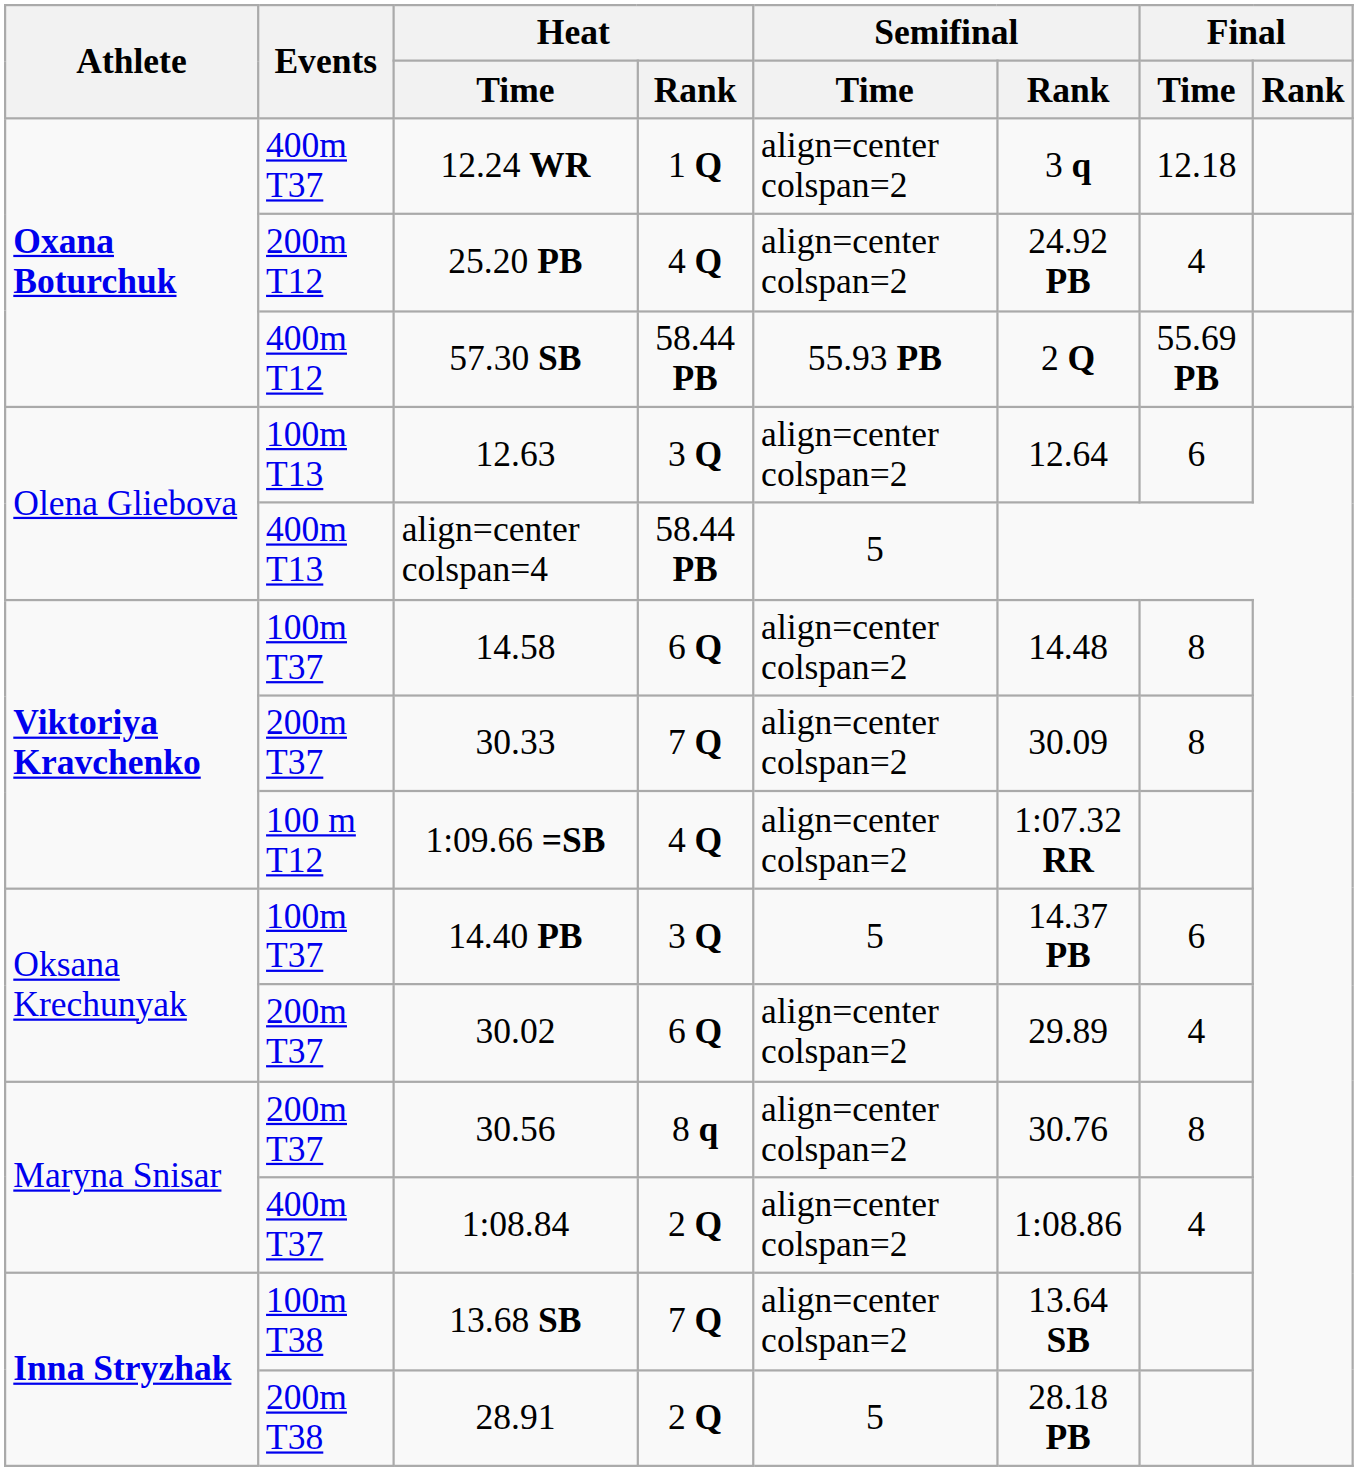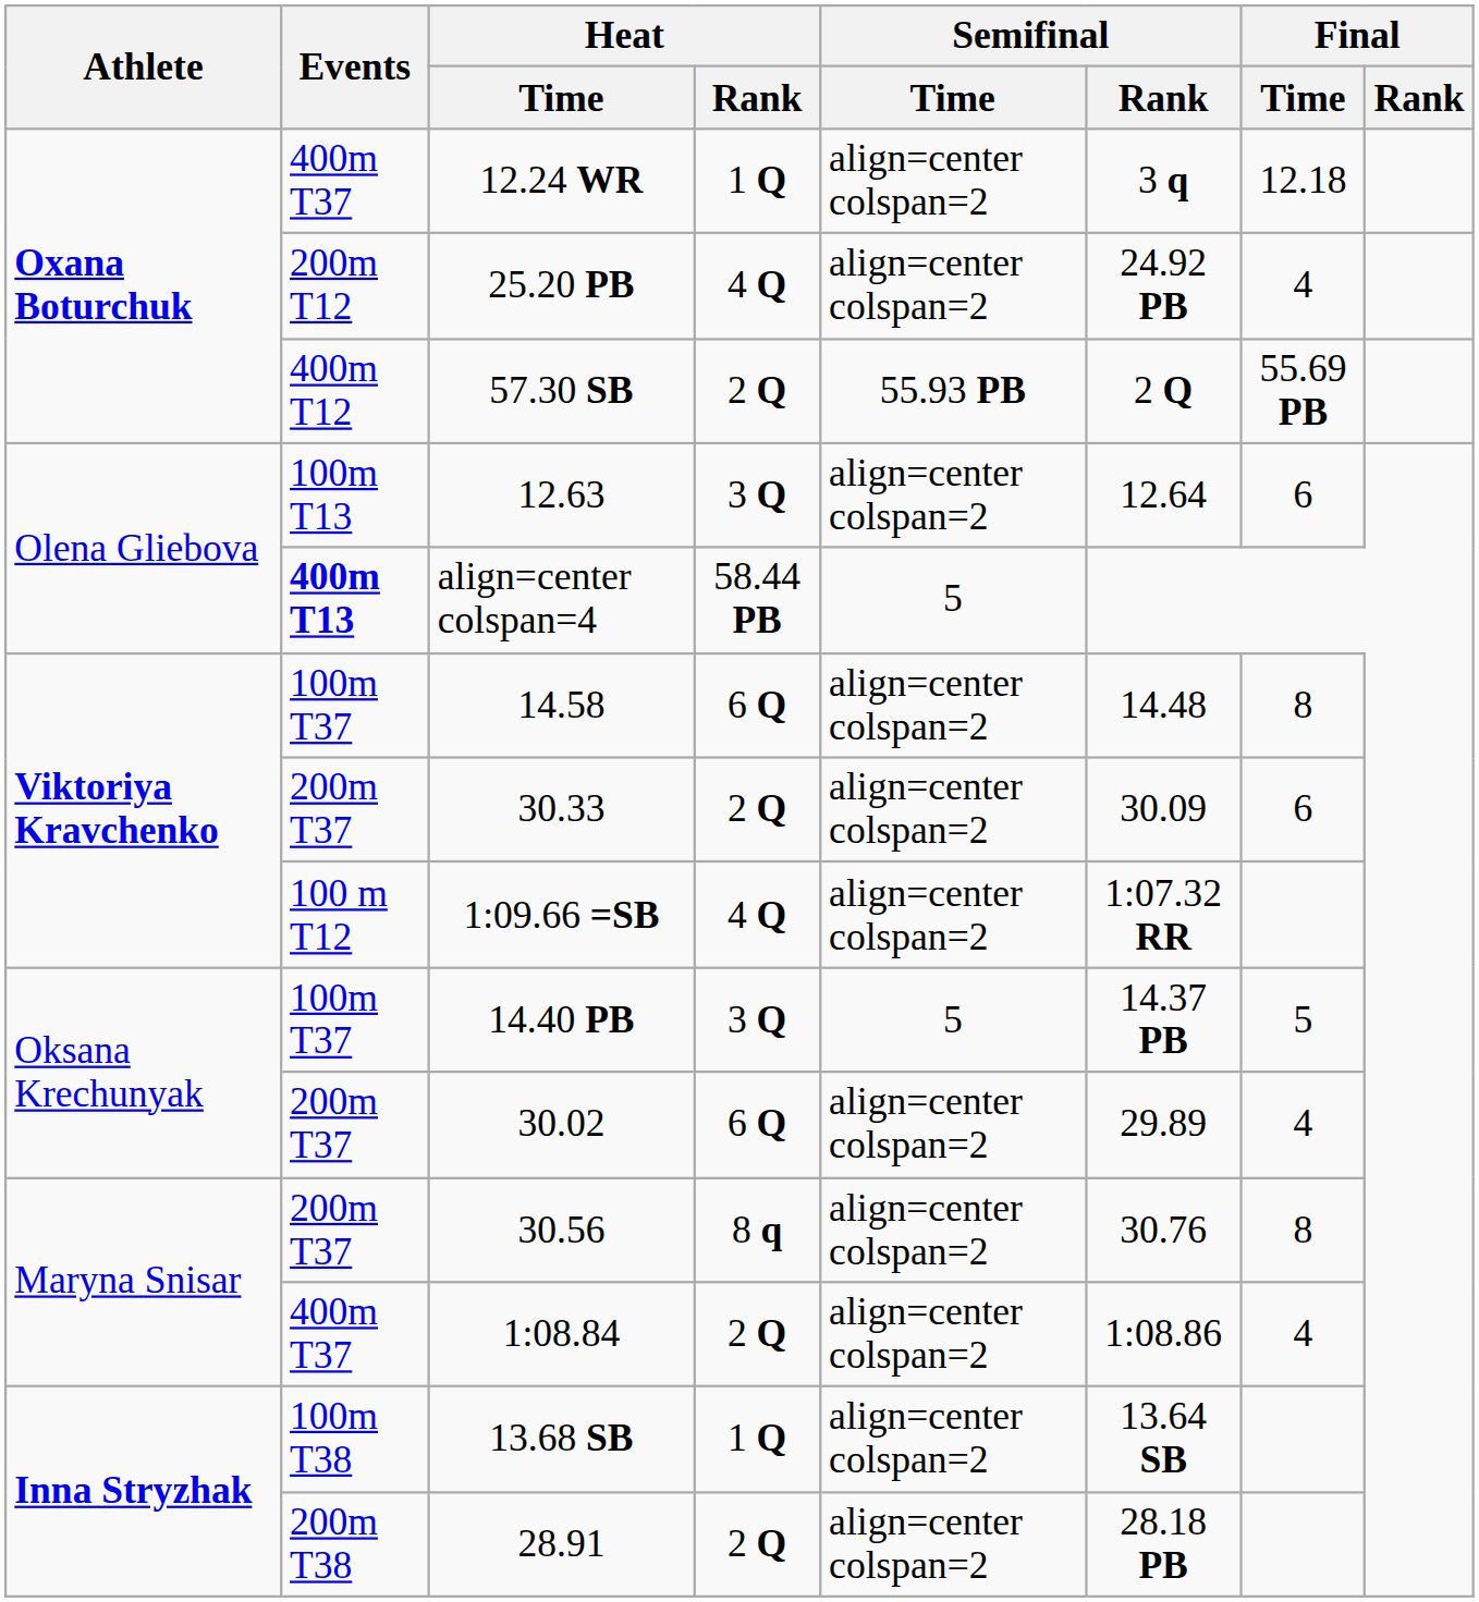 <table class=wikitable>
 <tr>
 <th rowspan="2">Athlete</th>
 <th rowspan="2">Events</th>
 <th colspan="2">Heat</th>
 <th colspan="2">Semifinal</th>
 <th colspan="2">Final</th>
 </tr>
 <tr>
 <th>Time</th>
 <th>Rank</th>
 <th>Time</th>
 <th>Rank</th>
 <th>Time</th>
 <th>Rank</th>
 </tr>
 <tr>
 <td align=left rowspan=3><strong><a href='#'>Oxana Boturchuk</a></strong></td>
 <td align=left><a href='#'>400m T37</a></td>
 <td align=center>12.24 <strong>WR</strong></td>
 <td align=center>1 <strong>Q</strong></td>
 <td>align=center colspan=2 </td>
 <td align=center>3 <strong>q</strong></td>
 <td align=center>12.18</td>
 <td align=center></td>
 </tr>
 <tr>
 <td align=left><a href='#'>200m T12</a></td>
 <td align=center>25.20 <strong>PB</strong></td>
 <td align=center>4 <strong>Q</strong></td>
 <td>align=center colspan=2 </td>
 <td align=center>24.92 <strong>PB</strong></td>
 <td align=center>4</td>
 </tr>
 <tr>
 <td align=left><a href='#'>400m T12</a></td>
 <td align=center>57.30 <strong>SB</strong></td>
-<td align=center>58.44 <strong>PB</strong></td>
+<td align=center>2 <strong>Q</strong></td>
 <td align=center>55.93 <strong>PB</strong></td>
 <td align=center>2 <strong>Q</strong></td>
 <td align=center>55.69 <strong>PB</strong></td>
 <td align=center></td>
 </tr>
 <tr>
 <td align=left rowspan=2><a href='#'>Olena Gliebova</a></td>
 <td align=left><a href='#'>100m T13</a></td>
 <td align=center>12.63</td>
 <td align=center>3 <strong>Q</strong></td>
 <td>align=center colspan=2 </td>
 <td align=center>12.64</td>
 <td align=center>6</td>
 </tr>
 <tr>
-<td align=left><a href='#'>400m T13</a></td>
+<td align=left><strong><a href='#'>400m T13</a></strong></td>
 <td>align=center colspan=4 </td>
 <td align=center>58.44 <strong>PB</strong></td>
 <td align=center>5</td>
 </tr>
 <tr>
 <td align=left rowspan=3><strong><a href='#'>Viktoriya Kravchenko</a></strong></td>
 <td align=left><a href='#'>100m T37</a></td>
 <td align=center>14.58</td>
 <td align=center>6 <strong>Q</strong></td>
 <td>align=center colspan=2 </td>
 <td align=center>14.48</td>
 <td align=center>8</td>
 </tr>
 <tr>
 <td align=left><a href='#'>200m T37</a></td>
 <td align=center>30.33</td>
-<td align=center>7 <strong>Q</strong></td>
+<td align=center>2 <strong>Q</strong></td>
 <td>align=center colspan=2 </td>
 <td align=center>30.09</td>
-<td align=center>8</td>
+<td align=center>6</td>
 </tr>
 <tr>
 <td align=left><a href='#'>100 m T12</a></td>
 <td align=center>1:09.66 <strong>=SB</strong></td>
 <td align=center>4 <strong>Q</strong></td>
 <td>align=center colspan=2 </td>
 <td align=center>1:07.32 <strong>RR</strong></td>
 <td align=center></td>
 </tr>
 <tr>
 <td align=left rowspan=2><a href='#'>Oksana Krechunyak</a></td>
 <td align=left><a href='#'>100m T37</a></td>
 <td align=center>14.40 <strong>PB</strong></td>
 <td align=center>3 <strong>Q</strong></td>
 <td align=center>5</td>
 <td align=center>14.37 <strong>PB</strong></td>
-<td align=center>6</td>
+<td align=center>5</td>
 </tr>
 <tr>
 <td align=left><a href='#'>200m T37</a></td>
 <td align=center>30.02</td>
 <td align=center>6 <strong>Q</strong></td>
 <td>align=center colspan=2 </td>
 <td align=center>29.89</td>
 <td align=center>4</td>
 </tr>
 <tr>
 <td align=left rowspan=2><a href='#'>Maryna Snisar</a></td>
 <td align=left><a href='#'>200m T37</a></td>
 <td align=center>30.56</td>
 <td align=center>8 <strong>q</strong></td>
 <td>align=center colspan=2 </td>
 <td align=center>30.76</td>
 <td align=center>8</td>
 </tr>
 <tr>
 <td align=left><a href='#'>400m T37</a></td>
 <td align=center>1:08.84</td>
 <td align=center>2 <strong>Q</strong></td>
 <td>align=center colspan=2 </td>
 <td align=center>1:08.86</td>
 <td align=center>4</td>
 </tr>
 <tr>
 <td align=left rowspan=2><strong><a href='#'>Inna Stryzhak</a></strong></td>
 <td align=left><a href='#'>100m T38</a></td>
 <td align=center>13.68 <strong>SB</strong></td>
-<td align=center>7 <strong>Q</strong></td>
+<td align=center>1 <strong>Q</strong></td>
 <td>align=center colspan=2 </td>
 <td align=center>13.64 <strong>SB</strong></td>
 <td align=center></td>
 </tr>
 <tr>
 <td align=left><a href='#'>200m T38</a></td>
 <td align=center>28.91</td>
 <td align=center>2 <strong>Q</strong></td>
-<td align=center>5</td>
+<td>align=center colspan=2 </td>
 <td align=center>28.18 <strong>PB</strong></td>
 <td align=center></td>
 </tr>
 </table>
